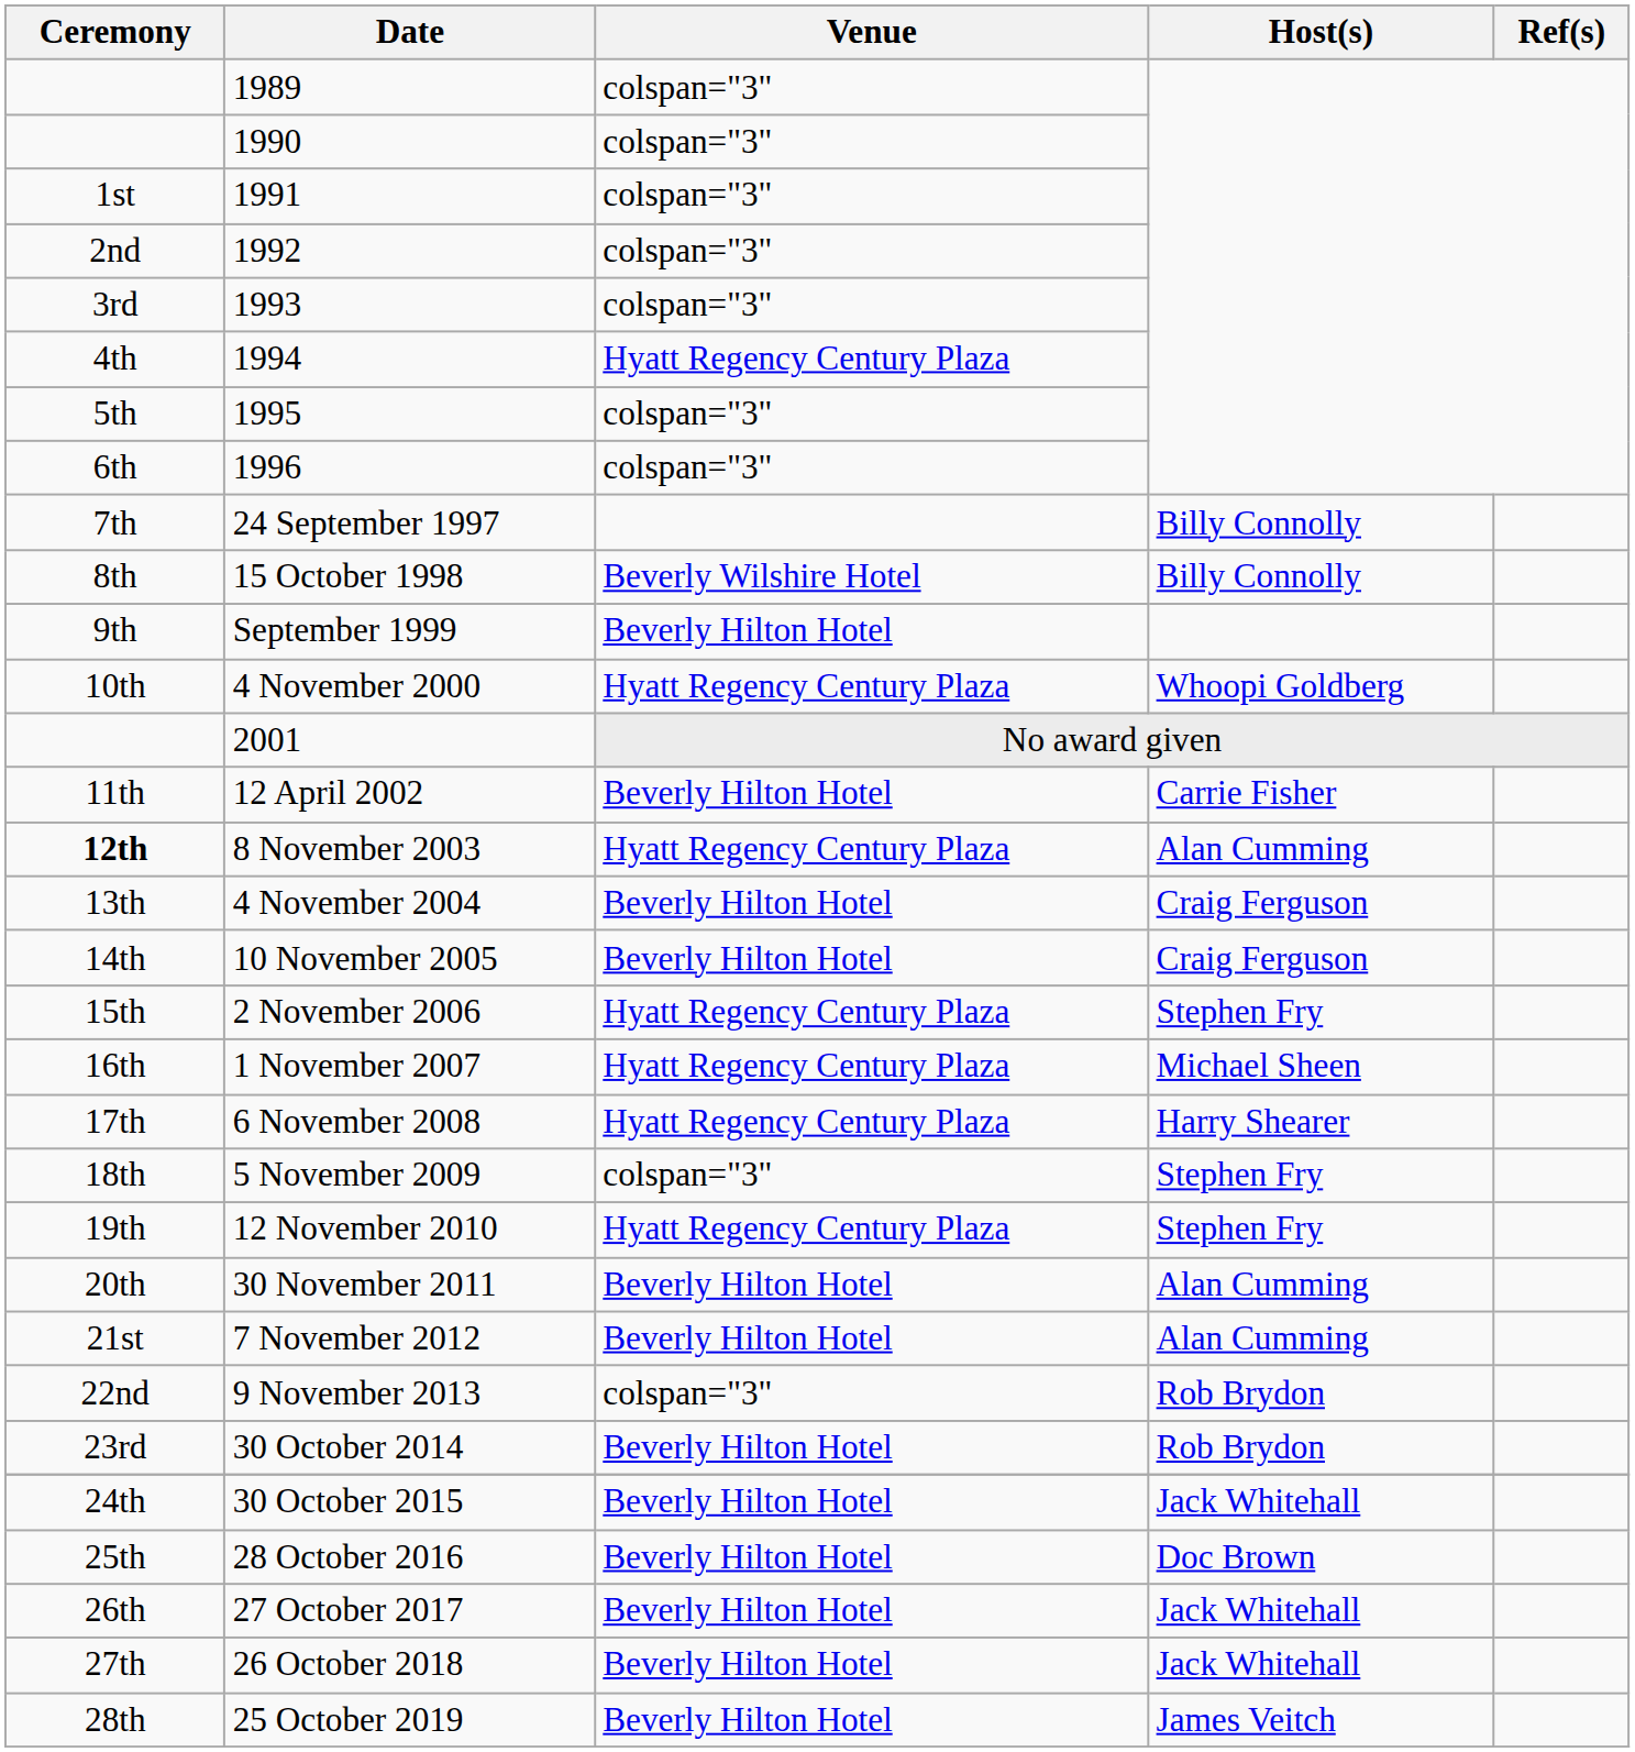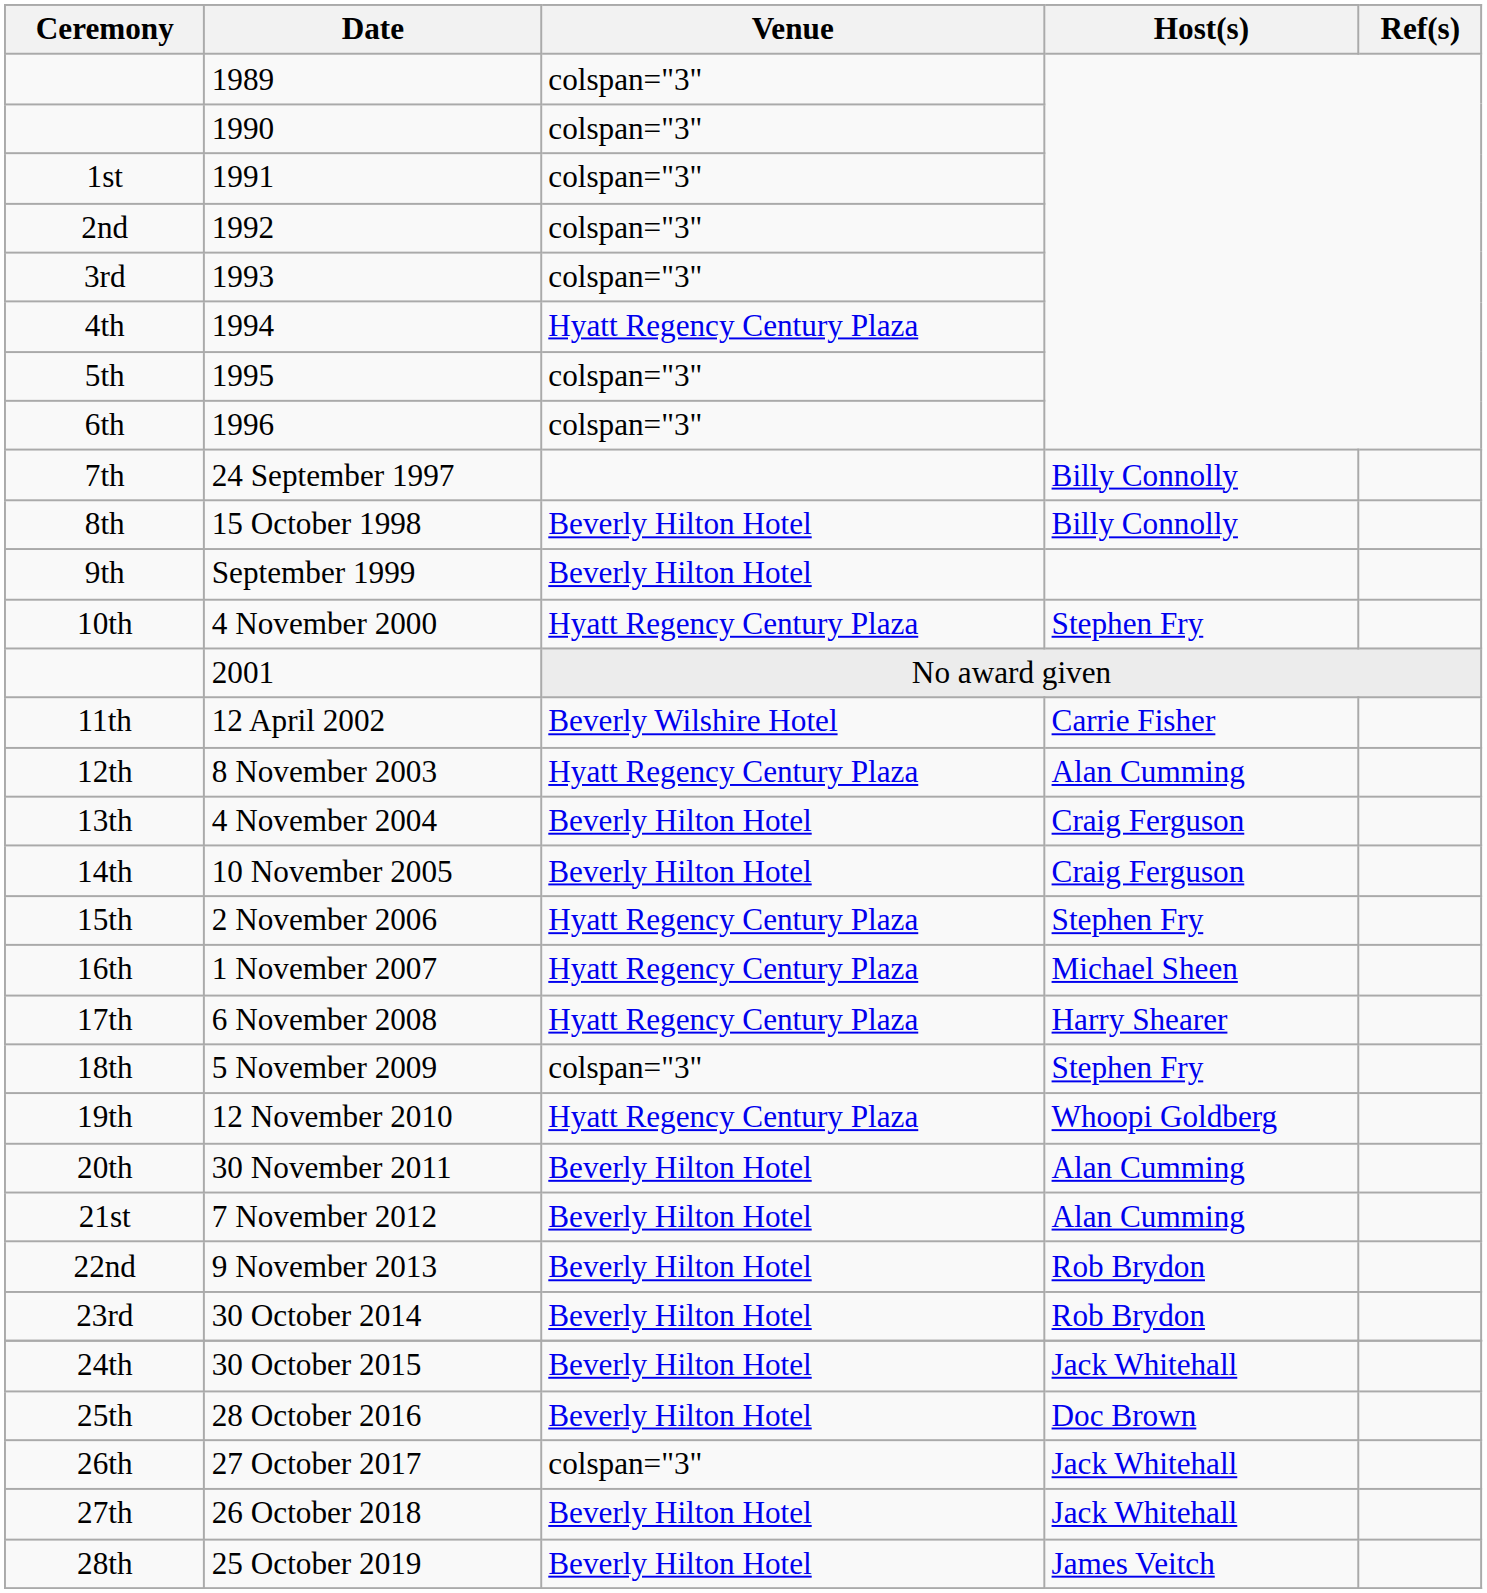 <table class="sortable wikitable"; width="60%">
 <tr>
 <th>Ceremony</th>
 <th>Date</th>
 <th>Venue</th>
 <th>Host(s)</th>
 <th>Ref(s)</th>
 </tr>
 <tr>
 <td align="center"></td>
 <td>1989</td>
 <td>colspan="3" </td>
 </tr>
 <tr>
 <td align="center"></td>
 <td>1990</td>
 <td>colspan="3" </td>
 </tr>
 <tr>
 <td align="center">1st</td>
 <td>1991</td>
 <td>colspan="3" </td>
 </tr>
 <tr>
 <td align="center">2nd</td>
 <td>1992</td>
 <td>colspan="3" </td>
 </tr>
 <tr>
 <td align="center">3rd</td>
 <td>1993</td>
 <td>colspan="3" </td>
 </tr>
 <tr>
 <td align="center">4th</td>
 <td>1994</td>
 <td><a href='#'>Hyatt Regency Century Plaza</a></td>
 </tr>
 <tr>
 <td align="center">5th</td>
 <td>1995</td>
 <td>colspan="3" </td>
 </tr>
 <tr>
 <td align="center">6th</td>
 <td>1996</td>
 <td>colspan="3" </td>
 </tr>
 <tr>
 <td align="center">7th</td>
 <td>24 September 1997</td>
 <td></td>
 <td><a href='#'>Billy Connolly</a></td>
 <td align="center"></td>
 </tr>
 <tr>
 <td align="center">8th</td>
 <td>15 October 1998</td>
-<td><a href='#'>Beverly Wilshire Hotel</a></td>
+<td><a href='#'>Beverly Hilton Hotel</a></td>
 <td><a href='#'>Billy Connolly</a></td>
 <td align="center"></td>
 </tr>
 <tr>
 <td align="center">9th</td>
 <td>September 1999</td>
 <td><a href='#'>Beverly Hilton Hotel</a></td>
 <td></td>
 <td align="center"></td>
 </tr>
 <tr>
 <td align="center">10th</td>
 <td>4 November 2000</td>
 <td><a href='#'>Hyatt Regency Century Plaza</a></td>
-<td><a href='#'>Whoopi Goldberg</a></td>
+<td><a href='#'>Stephen Fry</a></td>
 <td align="center"></td>
 </tr>
 <tr>
 <td></td>
 <td>2001</td>
 <td colspan="4" style="background: #ececec;" align="center">No award given</td>
 </tr>
 <tr>
 <td align="center">11th</td>
 <td>12 April 2002</td>
-<td><a href='#'>Beverly Hilton Hotel</a></td>
+<td><a href='#'>Beverly Wilshire Hotel</a></td>
 <td><a href='#'>Carrie Fisher</a></td>
 <td align="center"></td>
 </tr>
 <tr>
-<td align="center"><strong>12th</strong></td>
+<td align="center">12th</td>
 <td>8 November 2003</td>
 <td><a href='#'>Hyatt Regency Century Plaza</a></td>
 <td><a href='#'>Alan Cumming</a></td>
 <td align="center"></td>
 </tr>
 <tr>
 <td align="center">13th</td>
 <td>4 November 2004</td>
 <td><a href='#'>Beverly Hilton Hotel</a></td>
 <td><a href='#'>Craig Ferguson</a></td>
 <td align="center"></td>
 </tr>
 <tr>
 <td align="center">14th</td>
 <td>10 November 2005</td>
 <td><a href='#'>Beverly Hilton Hotel</a></td>
 <td><a href='#'>Craig Ferguson</a></td>
 <td align="center"></td>
 </tr>
 <tr>
 <td align="center">15th</td>
 <td>2 November 2006</td>
 <td><a href='#'>Hyatt Regency Century Plaza</a></td>
 <td><a href='#'>Stephen Fry</a></td>
 <td align="center"></td>
 </tr>
 <tr>
 <td align="center">16th</td>
 <td>1 November 2007</td>
 <td><a href='#'>Hyatt Regency Century Plaza</a></td>
 <td><a href='#'>Michael Sheen</a></td>
 <td align="center"></td>
 </tr>
 <tr>
 <td align="center">17th</td>
 <td>6 November 2008</td>
 <td><a href='#'>Hyatt Regency Century Plaza</a></td>
 <td><a href='#'>Harry Shearer</a></td>
 <td align="center"></td>
 </tr>
 <tr>
 <td align="center">18th</td>
 <td>5 November 2009</td>
 <td>colspan="3" </td>
 <td><a href='#'>Stephen Fry</a></td>
 <td align="center"></td>
 </tr>
 <tr>
 <td align="center">19th</td>
 <td>12 November 2010</td>
 <td><a href='#'>Hyatt Regency Century Plaza</a></td>
-<td><a href='#'>Stephen Fry</a></td>
+<td><a href='#'>Whoopi Goldberg</a></td>
 <td align="center"></td>
 </tr>
 <tr>
 <td align="center">20th</td>
 <td>30 November 2011</td>
 <td><a href='#'>Beverly Hilton Hotel</a></td>
 <td><a href='#'>Alan Cumming</a></td>
 <td align="center"></td>
 </tr>
 <tr>
 <td align="center">21st</td>
 <td>7 November 2012</td>
 <td><a href='#'>Beverly Hilton Hotel</a></td>
 <td><a href='#'>Alan Cumming</a></td>
 <td align="center"></td>
 </tr>
 <tr>
 <td align="center">22nd</td>
 <td>9 November 2013</td>
-<td>colspan="3" </td>
+<td><a href='#'>Beverly Hilton Hotel</a></td>
 <td><a href='#'>Rob Brydon</a></td>
 <td align="center"></td>
 </tr>
 <tr>
 <td align="center">23rd</td>
 <td>30 October 2014</td>
 <td><a href='#'>Beverly Hilton Hotel</a></td>
 <td><a href='#'>Rob Brydon</a></td>
 <td align="center"></td>
 </tr>
 <tr>
 </tr>
 <tr>
 <td align="center">24th</td>
 <td>30 October 2015</td>
 <td><a href='#'>Beverly Hilton Hotel</a></td>
 <td><a href='#'>Jack Whitehall</a></td>
 <td align="center"></td>
 </tr>
 <tr>
 <td align="center">25th</td>
 <td>28 October 2016</td>
 <td><a href='#'>Beverly Hilton Hotel</a></td>
 <td><a href='#'>Doc Brown</a></td>
 <td align="center"></td>
 </tr>
 <tr>
 <td align="center">26th</td>
 <td>27 October 2017</td>
-<td><a href='#'>Beverly Hilton Hotel</a></td>
+<td>colspan="3" </td>
 <td><a href='#'>Jack Whitehall</a></td>
 <td align="center"></td>
 </tr>
 <tr>
 <td align="center">27th</td>
 <td>26 October 2018</td>
 <td><a href='#'>Beverly Hilton Hotel</a></td>
 <td><a href='#'>Jack Whitehall</a></td>
 <td align="center"></td>
 </tr>
 <tr>
 <td align="center">28th</td>
 <td>25 October 2019</td>
 <td><a href='#'>Beverly Hilton Hotel</a></td>
 <td><a href='#'>James Veitch</a></td>
 <td align="center"></td>
 </tr>
 <tr>
 </tr>
 </table>
